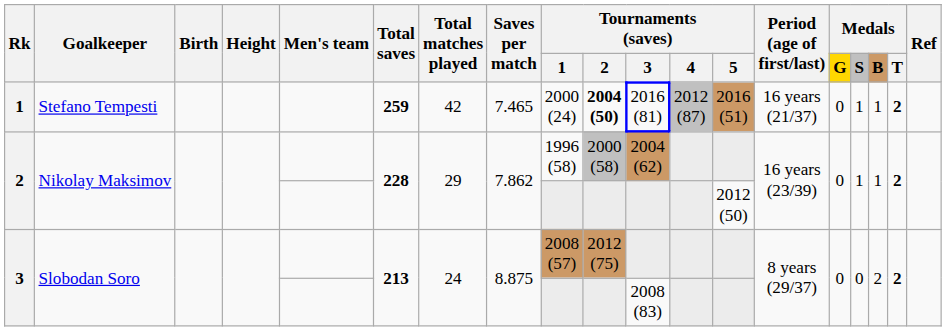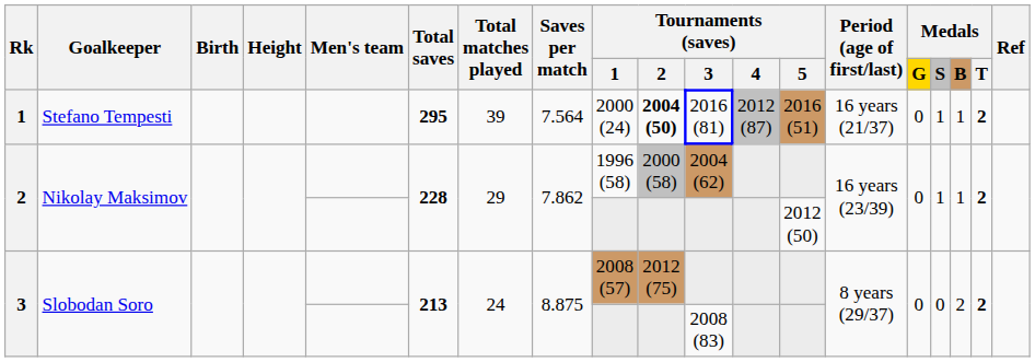 <table class="wikitable sortable sticky-header-multi" style="text-align: center; font-size: 90%; margin-left: 0em;">
 <tr>
 <th scope="col" rowspan="2">Rk</th>
 <th scope="col" rowspan="2">Goalkeeper</th>
 <th scope="col" rowspan="2">Birth</th>
 <th scope="col" rowspan="2">Height</th>
 <th scope="col" rowspan="2">Men's team</th>
 <th scope="col" rowspan="2">Total<br>saves</th>
 <th scope="col" rowspan="2">Total<br>matches<br>played</th>
 <th scope="col" rowspan="2">Saves<br>per<br>match</th>
 <th scope="colgroup" colspan="5">Tournaments<br>(saves)</th>
 <th scope="col" rowspan="2">Period<br>(age of<br>first/last)</th>
 <th scope="colgroup" colspan="4">Medals</th>
 <th scope="col" rowspan="2" class="unsortable">Ref</th>
 </tr>
 <tr>
 <th scope="col">1</th>
 <th scope="col" class="unsortable">2</th>
 <th scope="col" class="unsortable">3</th>
 <th scope="col" class="unsortable">4</th>
 <th scope="col" class="unsortable">5</th>
 <th scope="col" style="background-color: gold;">G</th>
 <th scope="col" style="background-color: silver;">S</th>
 <th scope="col" style="background-color: #cc9966;">B</th>
 <th scope="col">T</th>
 </tr>
 <tr>
 <th scope="row">1</th>
 <td style="text-align: left;" data-sort-value="Tempesti, Stefano"><a href='#'>Stefano Tempesti</a></td>
 <td></td>
 <td></td>
 <td style="text-align: left;"></td>
-<td><strong>259</strong></td>
-<td>42</td>
-<td>7.465</td>
+<td><strong>295</strong></td>
+<td>39</td>
+<td>7.564</td>
 <td>2000<br>(24)</td>
 <td><strong>2004<br>(50)</strong></td>
 <td style="border: 2px solid blue;">2016<br>(81)</td>
 <td style="background-color: silver;">2012<br>(87)</td>
 <td style="background-color: #cc9966;">2016<br>(51)</td>
 <td>16 years<br>(21/37)</td>
 <td>0</td>
 <td>1</td>
 <td>1</td>
 <td><strong>2</strong></td>
 <td></td>
 </tr>
 <tr>
 <th scope="rowgroup" rowspan="2">2</th>
 <td rowspan="2" style="text-align: left;" data-sort-value="Maksimov, Nikolay"><a href='#'>Nikolay Maksimov</a></td>
 <td rowspan="2"></td>
 <td rowspan="2"></td>
 <td style="text-align: left;"></td>
 <td rowspan="2"><strong>228</strong></td>
 <td rowspan="2">29</td>
 <td rowspan="2">7.862</td>
 <td>1996<br>(58)</td>
 <td style="background-color: silver;">2000<br>(58)</td>
 <td style="background-color: #cc9966;">2004<br>(62)</td>
 <td style="background-color: #ececec;"></td>
 <td style="background-color: #ececec;"></td>
 <td rowspan="2">16 years<br>(23/39)</td>
 <td rowspan="2">0</td>
 <td rowspan="2">1</td>
 <td rowspan="2">1</td>
 <td rowspan="2"><strong>2</strong></td>
 <td rowspan="2"></td>
 </tr>
 <tr class="expand-child">
 <td style="text-align: left;"></td>
 <td style="background-color: #ececec;"></td>
 <td style="background-color: #ececec;"></td>
 <td style="background-color: #ececec;"></td>
 <td style="background-color: #ececec;"></td>
 <td>2012<br>(50)</td>
 </tr>
 <tr>
 <th scope="rowgroup" rowspan="2">3</th>
 <td rowspan="2" style="text-align: left;" data-sort-value="Soro, Slobodan"><a href='#'>Slobodan Soro</a></td>
 <td rowspan="2"></td>
 <td rowspan="2"></td>
 <td style="text-align: left;"></td>
 <td rowspan="2"><strong>213</strong></td>
 <td rowspan="2">24</td>
 <td rowspan="2">8.875</td>
 <td style="background-color: #cc9966;">2008<br>(57)</td>
 <td style="background-color: #cc9966;">2012<br>(75)</td>
 <td style="background-color: #ececec;"></td>
 <td style="background-color: #ececec;"></td>
 <td style="background-color: #ececec;"></td>
 <td rowspan="2">8 years<br>(29/37)</td>
 <td rowspan="2">0</td>
 <td rowspan="2">0</td>
 <td rowspan="2">2</td>
 <td rowspan="2"><strong>2</strong></td>
 <td rowspan="2"></td>
 </tr>
 <tr class="expand-child">
 <td style="text-align: left;"></td>
 <td style="background-color: #ececec;"></td>
 <td style="background-color: #ececec;"></td>
 <td>2008<br>(83)</td>
 <td style="background-color: #ececec;"></td>
 <td style="background-color: #ececec;"></td>
 </tr>
 </table>
